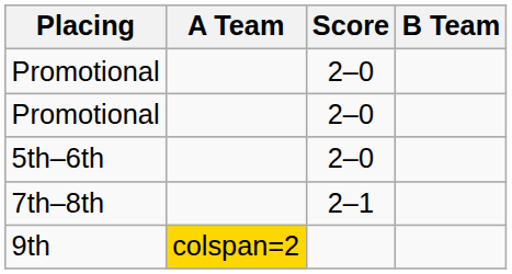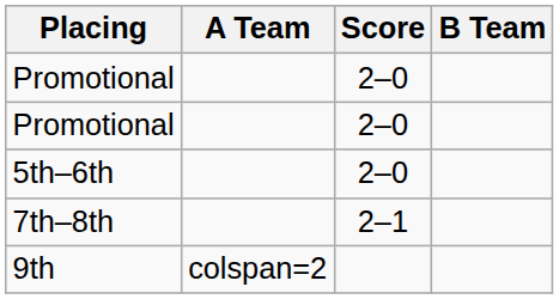 <table class=wikitable style="border:1px solid #AAAAAA;">
 <tr>
 <th>Placing</th>
 <th>A Team</th>
 <th>Score</th>
 <th>B Team</th>
 </tr>
 <tr>
 <td>Promotional</td>
 <td><strong></strong></td>
 <td align="center">2–0</td>
 <td></td>
 </tr>
 <tr>
 <td>Promotional</td>
 <td><strong></strong></td>
 <td align="center">2–0</td>
 <td></td>
 </tr>
 <tr>
 <td>5th–6th</td>
 <td><strong></strong></td>
 <td align="center">2–0</td>
 <td></td>
 </tr>
 <tr>
 <td>7th–8th</td>
 <td><strong></strong></td>
 <td align="center">2–1</td>
 <td></td>
 </tr>
 <tr>
 <td>9th</td>
-<td style="background: gold;">colspan=2 </td>
+<td>colspan=2 </td>
 <td></td>
 </tr>
 </table>
